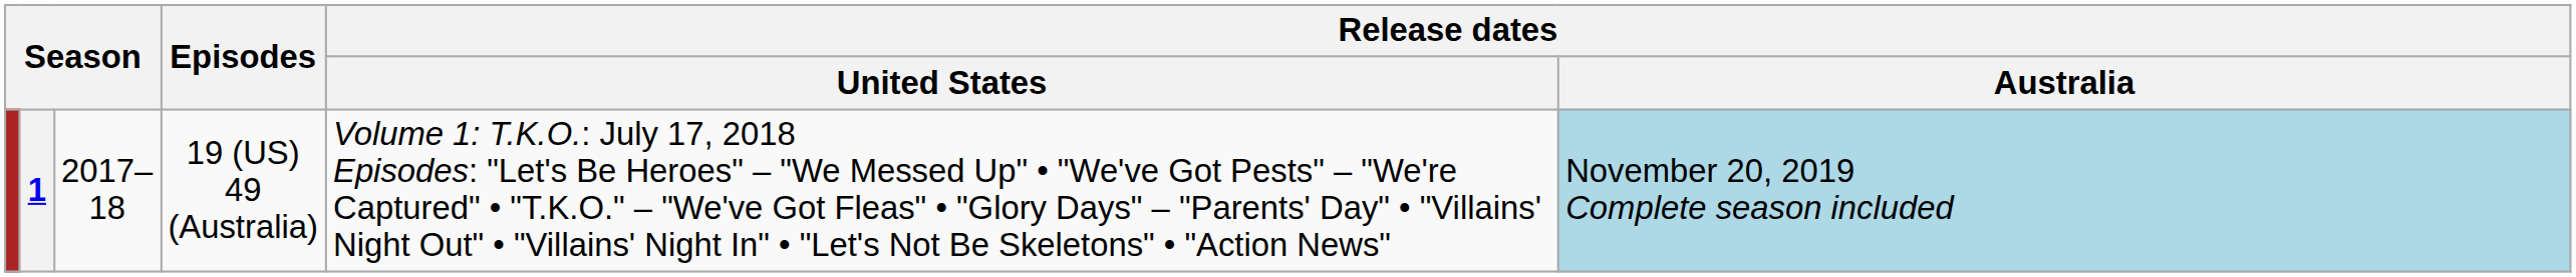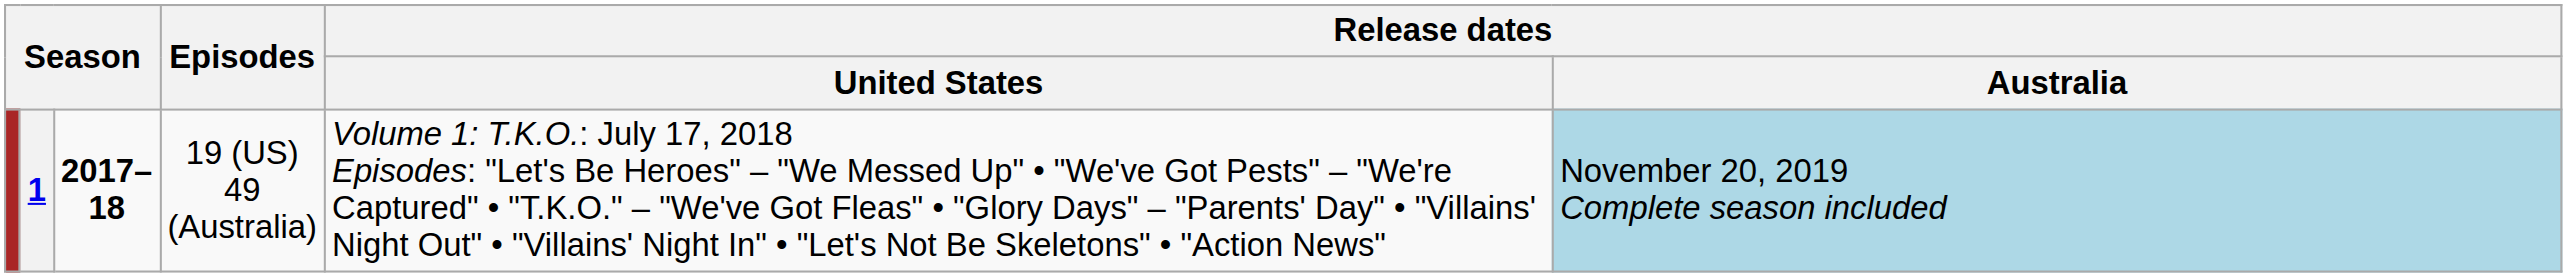 <table class="wikitable">
 <tr>
 <th colspan=3 rowspan=2>Season</th>
 <th rowspan="2">Episodes</th>
 <th colspan=2>Release dates</th>
 </tr>
 <tr>
 <th style="width:55%">United States</th>
 <th style="width:55%">Australia</th>
 </tr>
 <tr>
 <th style="background:#A92525"></th>
 <th><a href='#'>1</a></th>
-<td style="text-align: center">2017–18</td>
+<td style="text-align: center"><strong>2017–18</strong></td>
 <td style="text-align: center">19 (US)<br>49 (Australia)</td>
 <td><em>Volume 1: T.K.O.</em>: July 17, 2018 <br><em>Episodes</em>: "Let's Be Heroes" – "We Messed Up" • "We've Got Pests" – "We're Captured" • "T.K.O." – "We've Got Fleas" • "Glory Days" – "Parents' Day" • "Villains' Night Out" • "Villains' Night In" • "Let's Not Be Skeletons" • "Action News"</td>
 <td style="background: lightblue;">November 20, 2019<br><em>Complete season included</em></td>
 </tr>
 </table>
